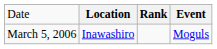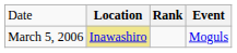 <table class="wikitable sortable" style="font-size:90%" style="text-align:center">
 <tr>
 <td>Date</td>
 <th>Location</th>
 <th>Rank</th>
 <th>Event</th>
 </tr>
 <tr>
 <td>March 5, 2006</td>
-<td><a href='#'>Inawashiro</a></td>
+<td style="background: khaki;"><a href='#'>Inawashiro</a></td>
 <td></td>
 <td><a href='#'>Moguls</a></td>
 </tr>
 </table>
